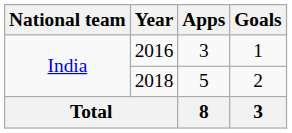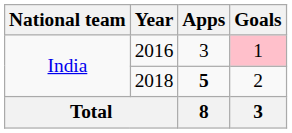 <table class="wikitable" style="text-align:center">
 <tr>
 <th>National team</th>
 <th>Year</th>
 <th>Apps</th>
 <th>Goals</th>
 </tr>
 <tr>
 <td rowspan="2"><a href='#'>India</a></td>
 <td>2016</td>
 <td>3</td>
-<td>1</td>
+<td style="background: pink;">1</td>
 </tr>
 <tr>
 <td>2018</td>
-<td>5</td>
+<td><strong>5</strong></td>
 <td>2</td>
 </tr>
 <tr>
 <th colspan="2">Total</th>
 <th>8</th>
 <th>3</th>
 </tr>
 </table>
